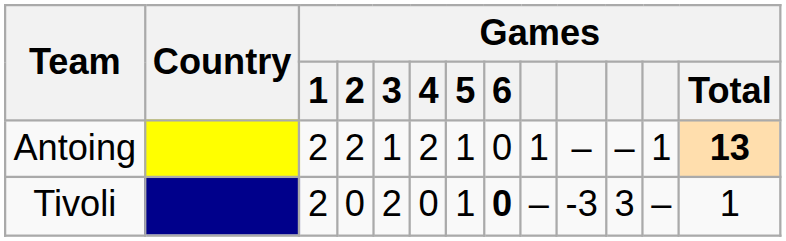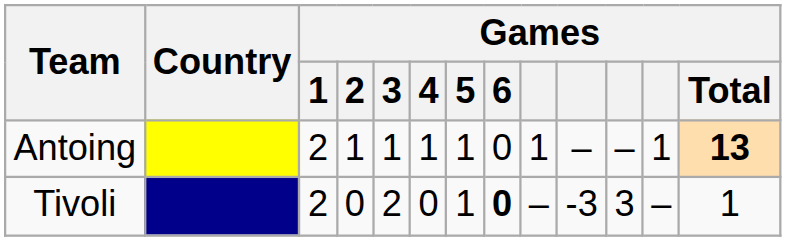 <table class="wikitable plainrowheaders" style="text-align:center;">
 <tr>
 <th rowspan=2>Team</th>
 <th rowspan=2>Country</th>
 <th colspan=11>Games</th>
 </tr>
 <tr>
 <th>1</th>
 <th>2</th>
 <th>3</th>
 <th>4</th>
 <th>5</th>
 <th>6</th>
 <th></th>
 <th></th>
 <th></th>
 <th></th>
 <th>Total</th>
 </tr>
 <tr>
 <td>Antoing</td>
 <td style="background:yellow"></td>
 <td>2</td>
-<td>2</td>
 <td>1</td>
-<td>2</td>
+<td>1</td>
+<td>1</td>
 <td>1</td>
 <td>0</td>
 <td>1</td>
 <td>–</td>
 <td>–</td>
 <td>1</td>
 <td style="font-weight:bold; background:NavajoWhite;">13</td>
 </tr>
 <tr>
 <td>Tivoli</td>
 <td style="background:darkblue"></td>
 <td>2</td>
 <td>0</td>
 <td>2</td>
 <td>0</td>
 <td>1</td>
 <td><strong>0</strong></td>
 <td>–</td>
 <td>-3</td>
 <td>3</td>
 <td>–</td>
 <td>1</td>
 </tr>
 </table>
